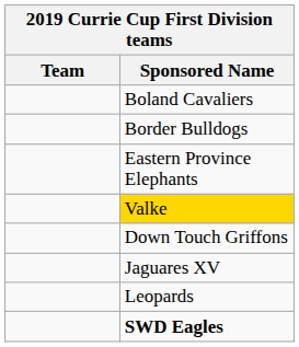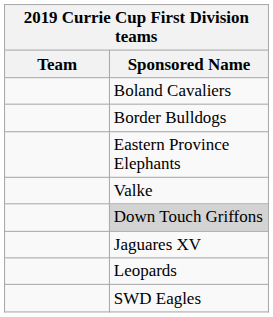 <table class="wikitable collapsible sortable" style="text-align:left; font-size:100%; width:40%;">
 <tr>
 <th colspan="100%" align=center>2019 Currie Cup First Division teams</th>
 </tr>
 <tr>
 <th width="40%">Team</th>
 <th width="60%">Sponsored Name</th>
 </tr>
 <tr>
 <td></td>
 <td>Boland Cavaliers</td>
 </tr>
 <tr>
 <td></td>
 <td>Border Bulldogs</td>
 </tr>
 <tr>
 <td></td>
 <td>Eastern Province Elephants</td>
 </tr>
 <tr>
 <td></td>
-<td style="background: gold;">Valke</td>
+<td>Valke</td>
 </tr>
 <tr>
 <td></td>
-<td>Down Touch Griffons</td>
+<td style="background: lightgrey;">Down Touch Griffons</td>
 </tr>
 <tr>
 <td></td>
 <td>Jaguares XV</td>
 </tr>
 <tr>
 <td></td>
 <td>Leopards</td>
 </tr>
 <tr>
 <td></td>
-<td><strong>SWD Eagles</strong></td>
+<td>SWD Eagles</td>
 </tr>
 </table>
